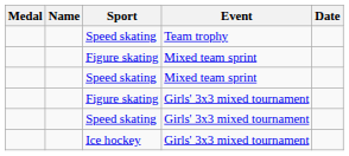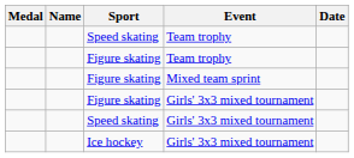 <table class="wikitable sortable" style="font-size: 95%">
 <tr>
 <th>Medal</th>
 <th>Name</th>
 <th>Sport</th>
 <th>Event</th>
 <th>Date</th>
 </tr>
 <tr>
 <td></td>
 <td></td>
 <td><a href='#'>Speed skating</a></td>
 <td><a href='#'>Team trophy</a></td>
 <td></td>
 </tr>
 <tr>
 <td></td>
 <td><br></td>
 <td><a href='#'>Figure skating</a></td>
-<td><a href='#'>Mixed team sprint</a></td>
+<td><a href='#'>Team trophy</a></td>
 <td></td>
 </tr>
 <tr>
 <td></td>
 <td></td>
-<td><a href='#'>Speed skating</a></td>
+<td><a href='#'>Figure skating</a></td>
 <td><a href='#'>Mixed team sprint</a></td>
 <td></td>
 </tr>
 <tr>
 <td></td>
 <td></td>
 <td><a href='#'>Figure skating</a></td>
 <td><a href='#'>Girls' 3x3 mixed tournament</a></td>
 <td></td>
 </tr>
 <tr>
 <td></td>
 <td></td>
 <td><a href='#'>Speed skating</a></td>
 <td><a href='#'>Girls' 3x3 mixed tournament</a></td>
 <td></td>
 </tr>
 <tr>
 <td></td>
 <td></td>
 <td><a href='#'>Ice hockey</a></td>
 <td><a href='#'>Girls' 3x3 mixed tournament</a></td>
 <td></td>
 </tr>
 </table>
